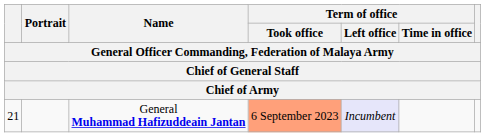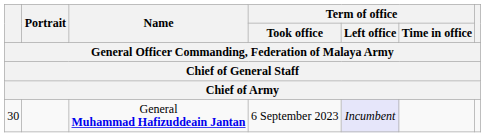 <table class="wikitable" style="text-align:center">
 <tr>
 <th rowspan=2></th>
 <th rowspan=2>Portrait</th>
 <th rowspan=2>Name<br></th>
 <th colspan=3>Term of office</th>
 <th rowspan=2></th>
 </tr>
 <tr>
 <th>Took office</th>
 <th>Left office</th>
 <th>Time in office</th>
 </tr>
 <tr>
 <th colspan=7>General Officer Commanding, Federation of Malaya Army<br></th>
 </tr>
 <tr>
 <th colspan=7>Chief of General Staff<br>  </th>
 </tr>
 <tr>
 <th colspan=7>Chief of Army<br>                        </th>
 </tr>
 <tr>
-<td>21</td>
+<td>30</td>
 <td></td>
 <td>General<br><strong> <a href='#'>Muhammad Hafizuddeain Jantan</a></strong><br></td>
-<td style="background: lightsalmon;">6 September 2023</td>
+<td>6 September 2023</td>
 <td style="background: lavender;"><em>Incumbent</em></td>
 <td></td>
 <td></td>
 </tr>
 </table>
